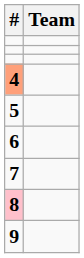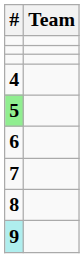 <table class="wikitable">
 <tr>
 <th>#</th>
 <th>Team</th>
 </tr>
 <tr>
 <td></td>
 <td></td>
 </tr>
 <tr>
 <td></td>
 <td></td>
 </tr>
 <tr>
 <td></td>
 <td></td>
 </tr>
 <tr>
-<td style="background: lightsalmon;"><strong>4</strong></td>
+<td><strong>4</strong></td>
 <td></td>
 </tr>
 <tr>
-<td><strong>5</strong></td>
+<td style="background: lightgreen;"><strong>5</strong></td>
 <td></td>
 </tr>
 <tr>
 <td><strong>6</strong></td>
 <td></td>
 </tr>
 <tr>
 <td><strong>7</strong></td>
 <td><strong></strong></td>
 </tr>
 <tr>
-<td style="background: pink;"><strong>8</strong></td>
+<td><strong>8</strong></td>
 <td></td>
 </tr>
 <tr>
-<td><strong>9</strong></td>
+<td style="background: paleturquoise;"><strong>9</strong></td>
 <td></td>
 </tr>
 </table>
